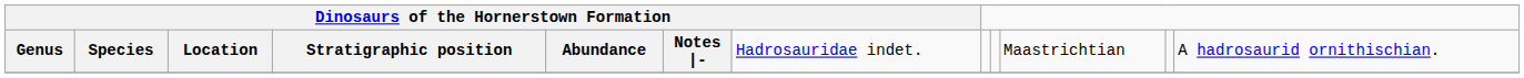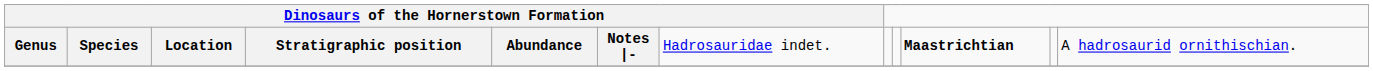 <table class="wikitable" align="center" width="100%">
 <tr>
 <th colspan="7" align="center"><strong><a href='#'>Dinosaurs</a> of the Hornerstown Formation</strong></th>
 </tr>
 <tr>
 <th>Genus</th>
 <th>Species</th>
 <th>Location</th>
 <th>Stratigraphic position</th>
 <th>Abundance</th>
 <th>Notes<br>|-</th>
 <td><a href='#'>Hadrosauridae</a> indet.</td>
 <td></td>
 <td></td>
-<td>Maastrichtian</td>
+<td><strong>Maastrichtian</strong></td>
 <td></td>
 <td>A <a href='#'>hadrosaurid</a> <a href='#'>ornithischian</a>.</td>
 </tr>
 <tr>
 </tr>
 </table>
